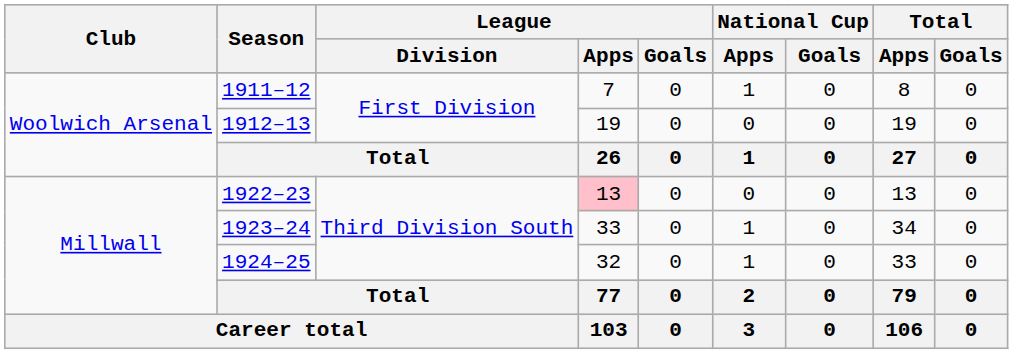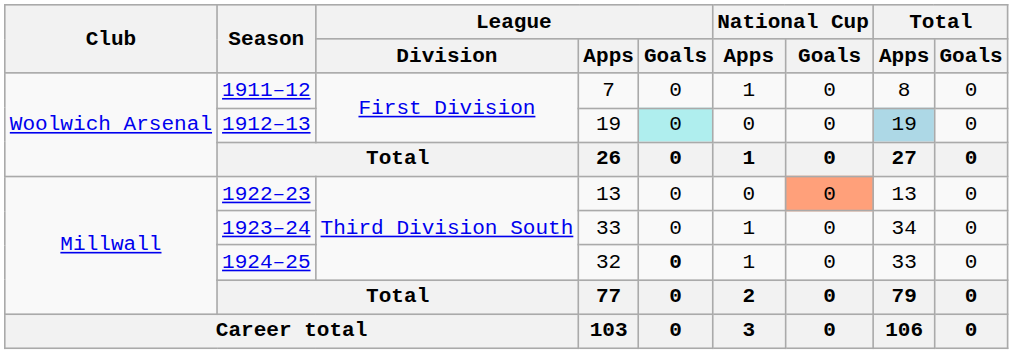 <table class="wikitable" style="text-align: center">
 <tr>
 <th rowspan="2">Club</th>
 <th rowspan="2">Season</th>
 <th colspan="3">League</th>
 <th colspan="2">National Cup</th>
 <th colspan="2">Total</th>
 </tr>
 <tr>
 <th>Division</th>
 <th>Apps</th>
 <th>Goals</th>
 <th>Apps</th>
 <th>Goals</th>
 <th>Apps</th>
 <th>Goals</th>
 </tr>
 <tr>
 <td rowspan="3"><a href='#'>Woolwich Arsenal</a></td>
 <td><a href='#'>1911–12</a></td>
 <td rowspan="2"><a href='#'>First Division</a></td>
 <td>7</td>
 <td>0</td>
 <td>1</td>
 <td>0</td>
 <td>8</td>
 <td>0</td>
 </tr>
 <tr>
 <td><a href='#'>1912–13</a></td>
 <td>19</td>
+<td style="background: paleturquoise;">0</td>
 <td>0</td>
 <td>0</td>
-<td>0</td>
-<td>19</td>
+<td style="background: lightblue;">19</td>
 <td>0</td>
 </tr>
 <tr>
 <th colspan="2">Total</th>
 <th>26</th>
 <th>0</th>
 <th>1</th>
 <th>0</th>
 <th>27</th>
 <th>0</th>
 </tr>
 <tr>
 <td rowspan="4"><a href='#'>Millwall</a></td>
 <td><a href='#'>1922–23</a></td>
 <td rowspan="3"><a href='#'>Third Division South</a></td>
-<td style="background: pink;">13</td>
+<td>13</td>
 <td>0</td>
 <td>0</td>
-<td>0</td>
+<td style="background: lightsalmon;">0</td>
 <td>13</td>
 <td>0</td>
 </tr>
 <tr>
 <td><a href='#'>1923–24</a></td>
 <td>33</td>
 <td>0</td>
 <td>1</td>
 <td>0</td>
 <td>34</td>
 <td>0</td>
 </tr>
 <tr>
 <td><a href='#'>1924–25</a></td>
 <td>32</td>
-<td>0</td>
+<td><strong>0</strong></td>
 <td>1</td>
 <td>0</td>
 <td>33</td>
 <td>0</td>
 </tr>
 <tr>
 <th colspan="2">Total</th>
 <th>77</th>
 <th>0</th>
 <th>2</th>
 <th>0</th>
 <th>79</th>
 <th>0</th>
 </tr>
 <tr>
 <th colspan="3">Career total</th>
 <th>103</th>
 <th>0</th>
 <th>3</th>
 <th>0</th>
 <th>106</th>
 <th>0</th>
 </tr>
 </table>
